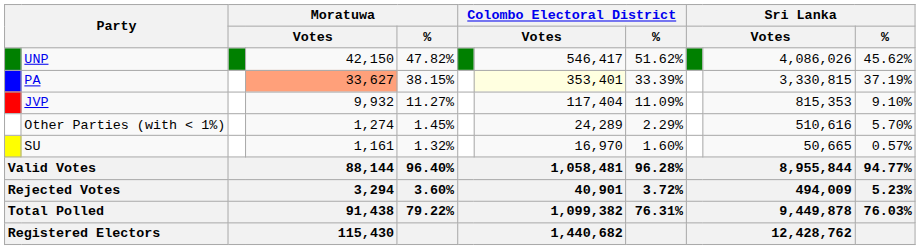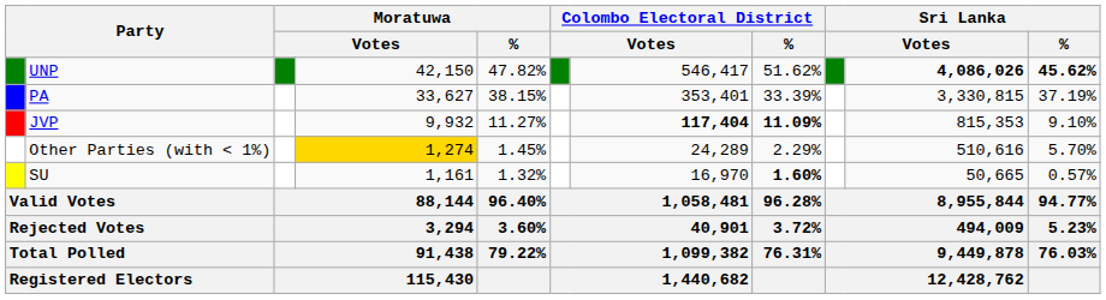 <table class="wikitable">
 <tr>
 <th colspan="2" width="144px"rowspan="2">Party</th>
 <th colspan="3" width="216px">Moratuwa</th>
 <th colspan="3" width="216px"><a href='#'>Colombo Electoral District</a></th>
 <th colspan="3" width="216px">Sri Lanka</th>
 </tr>
 <tr>
 <th colspan="2" width="144px">Votes</th>
 <th>%</th>
 <th colspan="2" width="144px">Votes</th>
 <th>%</th>
 <th colspan="2" width="144px">Votes</th>
 <th>%</th>
 </tr>
 <tr>
 <td style="background-color:green;" width="10px"></td>
 <td style="text-align:left;"><a href='#'>UNP</a></td>
 <td style="background-color:green;" width="10px"></td>
 <td style="text-align:right;">42,150</td>
 <td style="text-align:right;">47.82%</td>
 <td style="background-color:green;" width="10px"></td>
 <td style="text-align:right;">546,417</td>
 <td style="text-align:right;">51.62%</td>
 <td style="background-color:green;" width="10px"></td>
-<td style="text-align:right;">4,086,026</td>
-<td style="text-align:right;">45.62%</td>
+<td style="text-align:right;"><strong>4,086,026</strong></td>
+<td style="text-align:right;"><strong>45.62%</strong></td>
 </tr>
 <tr>
 <td style="background-color:blue;" width="10px"></td>
 <td style="text-align:left;"><a href='#'>PA</a></td>
 <td style="background-color:white;" width="10px"></td>
-<td style="background: lightsalmon; text-align:right;">33,627</td>
+<td style="text-align:right;">33,627</td>
 <td style="text-align:right;">38.15%</td>
 <td style="background-color:white;" width="10px"></td>
-<td style="background: lightyellow; text-align:right;">353,401</td>
+<td style="text-align:right;">353,401</td>
 <td style="text-align:right;">33.39%</td>
 <td style="background-color:white;" width="10px"></td>
 <td style="text-align:right;">3,330,815</td>
 <td style="text-align:right;">37.19%</td>
 </tr>
 <tr>
 <td style="background-color:red;" width="10px"></td>
 <td style="text-align:left;"><a href='#'>JVP</a></td>
 <td style="background-color:white;" width="10px"></td>
 <td style="text-align:right;">9,932</td>
 <td style="text-align:right;">11.27%</td>
 <td style="background-color:white;" width="10px"></td>
-<td style="text-align:right;">117,404</td>
-<td style="text-align:right;">11.09%</td>
+<td style="text-align:right;"><strong>117,404</strong></td>
+<td style="text-align:right;"><strong>11.09%</strong></td>
 <td style="background-color:white;" width="10px"></td>
 <td style="text-align:right;">815,353</td>
 <td style="text-align:right;">9.10%</td>
 </tr>
 <tr>
 <td style="background-color:white;" width="10px"></td>
 <td style="text-align:left;">Other Parties (with < 1%)</td>
 <td style="background-color:white;" width="10px"></td>
-<td style="text-align:right;">1,274</td>
+<td style="background: gold; text-align:right;">1,274</td>
 <td style="text-align:right;">1.45%</td>
 <td style="background-color:white;" width="10px"></td>
 <td style="text-align:right;">24,289</td>
 <td style="text-align:right;">2.29%</td>
 <td style="background-color:white;" width="10px"></td>
 <td style="text-align:right;">510,616</td>
 <td style="text-align:right;">5.70%</td>
 </tr>
 <tr>
 <td style="background-color:yellow;" width="10px"></td>
 <td style="text-align:left;">SU</td>
 <td style="background-color:white;" width="10px"></td>
 <td style="text-align:right;">1,161</td>
 <td style="text-align:right;">1.32%</td>
 <td style="background-color:white;" width="10px"></td>
 <td style="text-align:right;">16,970</td>
-<td style="text-align:right;">1.60%</td>
+<td style="text-align:right;"><strong>1.60%</strong></td>
 <td style="background-color:white;" width="10px"></td>
 <td style="text-align:right;">50,665</td>
 <td style="text-align:right;">0.57%</td>
 </tr>
 <tr>
 <th colspan="2" width="144px"style="text-align:left;">Valid Votes</th>
 <th style="text-align:right;"colspan="2" width="144px">88,144</th>
 <th style="text-align:right;">96.40%</th>
 <th style="text-align:right;"colspan="2" width="144px">1,058,481</th>
 <th style="text-align:right;">96.28%</th>
 <th style="text-align:right;"colspan="2" width="144px">8,955,844</th>
 <th style="text-align:right;">94.77%</th>
 </tr>
 <tr>
 <th colspan="2" width="144px"style="text-align:left;">Rejected Votes</th>
 <th style="text-align:right;"colspan="2" width="144px">3,294</th>
 <th style="text-align:right;">3.60%</th>
 <th style="text-align:right;"colspan="2" width="144px">40,901</th>
 <th style="text-align:right;">3.72%</th>
 <th style="text-align:right;"colspan="2" width="144px">494,009</th>
 <th style="text-align:right;">5.23%</th>
 </tr>
 <tr>
 <th colspan="2" width="144px"style="text-align:left;">Total Polled</th>
 <th style="text-align:right;"colspan="2" width="144px">91,438</th>
 <th style="text-align:right;">79.22%</th>
 <th style="text-align:right;"colspan="2" width="144px">1,099,382</th>
 <th style="text-align:right;">76.31%</th>
 <th style="text-align:right;"colspan="2" width="144px">9,449,878</th>
 <th style="text-align:right;">76.03%</th>
 </tr>
 <tr>
 <th colspan="2" width="144px"style="text-align:left;">Registered Electors</th>
 <th style="text-align:right;"colspan="2" width="144px">115,430</th>
 <th></th>
 <th style="text-align:right;"colspan="2" width="144px">1,440,682</th>
 <th></th>
 <th style="text-align:right;"colspan="2" width="144px">12,428,762</th>
 <th></th>
 </tr>
 </table>
